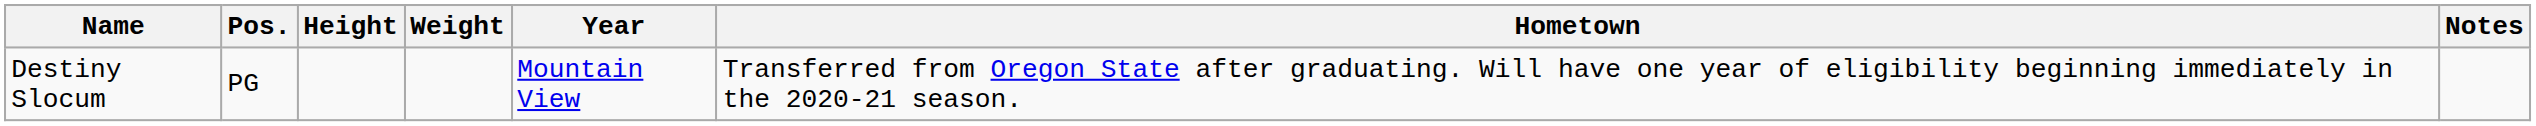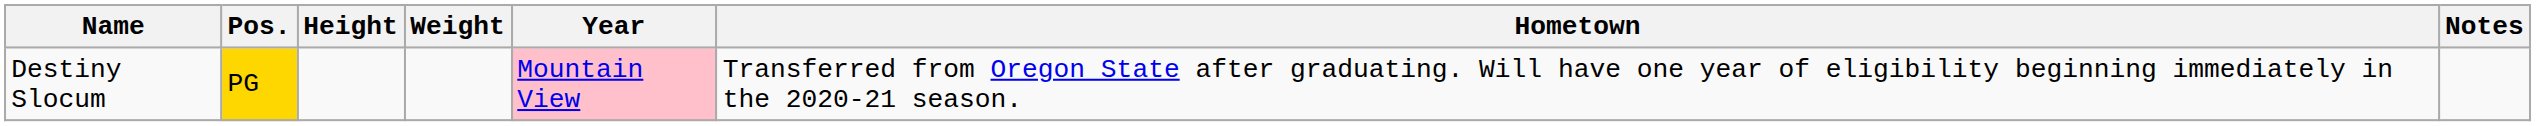 <table class="wikitable sortable" border="1">
 <tr>
 <th>Name</th>
 <th>Pos.</th>
 <th>Height</th>
 <th>Weight</th>
 <th>Year</th>
 <th>Hometown</th>
 <th class="unsortable">Notes</th>
 </tr>
 <tr>
 <td>Destiny Slocum</td>
-<td>PG</td>
+<td style="background: gold;">PG</td>
 <td></td>
 <td></td>
-<td><a href='#'>Mountain View</a></td>
+<td style="background: pink;"><a href='#'>Mountain View</a></td>
 <td>Transferred from <a href='#'>Oregon State</a> after graduating. Will have one year of eligibility beginning immediately in the 2020-21 season.</td>
 </tr>
 </table>
